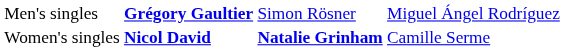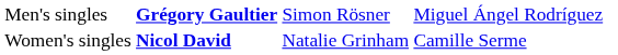 <table>
 <tr>
 <td>Men's singles<br></td>
 <td> <strong><a href='#'>Grégory Gaultier</a></strong></td>
 <td> <a href='#'>Simon Rösner</a></td>
 <td> <a href='#'>Miguel Ángel Rodríguez</a></td>
 </tr>
 <tr>
 <td>Women's singles<br></td>
 <td> <strong><a href='#'>Nicol David</a></strong></td>
-<td><strong> <a href='#'>Natalie Grinham</a></strong></td>
+<td> <a href='#'>Natalie Grinham</a></td>
 <td> <a href='#'>Camille Serme</a></td>
 </tr>
 </table>
